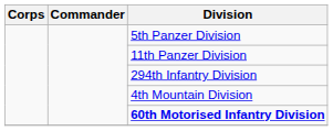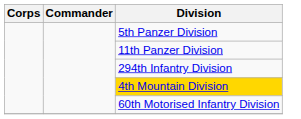 <table class="wikitable">
 <tr>
 <th scope="col">Corps</th>
 <th scope="col">Commander</th>
 <th scope="col">Division</th>
 </tr>
 <tr>
 <td rowspan=5></td>
 <td rowspan=5></td>
 <td><a href='#'>5th Panzer Division</a></td>
 </tr>
 <tr>
 <td><a href='#'>11th Panzer Division</a></td>
 </tr>
 <tr>
 <td><a href='#'>294th Infantry Division</a></td>
 </tr>
 <tr>
-<td><a href='#'>4th Mountain Division</a></td>
+<td style="background: gold;"><a href='#'>4th Mountain Division</a></td>
 </tr>
 <tr>
-<td><strong><a href='#'>60th Motorised Infantry Division</a></strong></td>
+<td><a href='#'>60th Motorised Infantry Division</a></td>
 </tr>
 <tr>
 </tr>
 </table>
